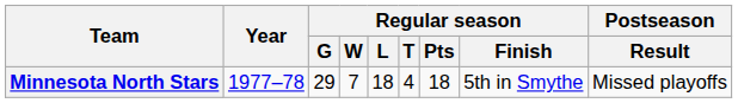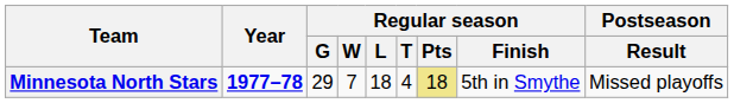 <table class="wikitable" style="font-size: 95%; text-align:center;">
 <tr>
 <th rowspan="2">Team</th>
 <th rowspan="2">Year</th>
 <th colspan="6">Regular season</th>
 <th colspan="1">Postseason</th>
 </tr>
 <tr>
 <th>G</th>
 <th>W</th>
 <th>L</th>
 <th>T</th>
 <th>Pts</th>
 <th>Finish</th>
 <th>Result</th>
 </tr>
 <tr>
 <th><a href='#'>Minnesota North Stars</a></th>
-<td><a href='#'>1977–78</a></td>
+<td><strong><a href='#'>1977–78</a></strong></td>
 <td>29</td>
 <td>7</td>
 <td>18</td>
 <td>4</td>
-<td>18</td>
+<td style="background: khaki;">18</td>
 <td>5th in <a href='#'>Smythe</a></td>
 <td>Missed playoffs</td>
 </tr>
 </table>
